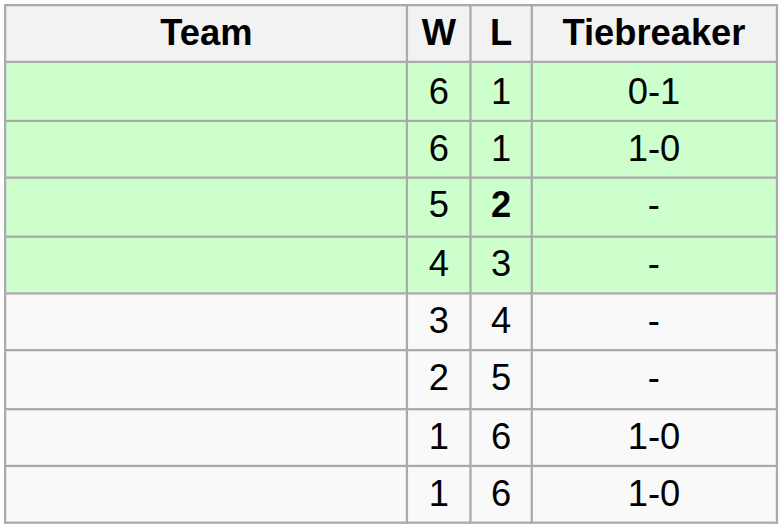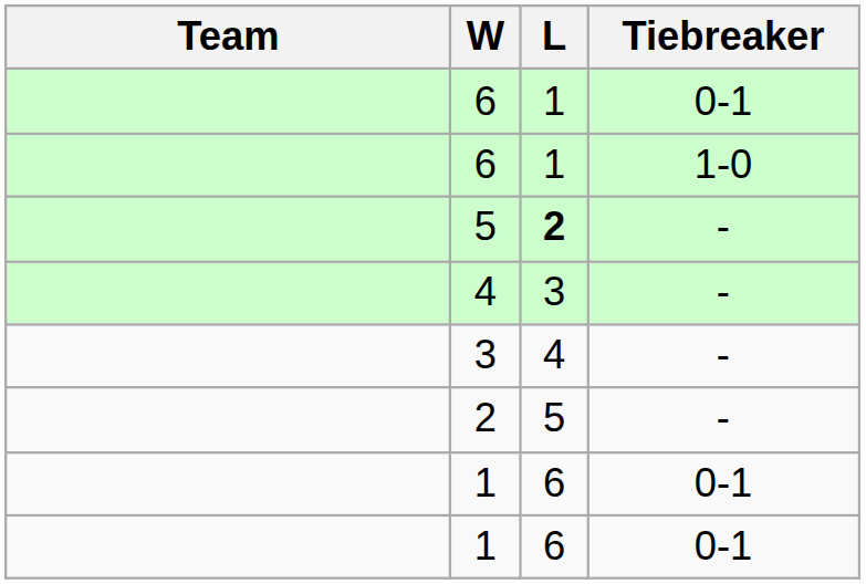 <table class=wikitable style=text-align:center>
 <tr>
 <th width=170>Team</th>
 <th width=20>W</th>
 <th width=20>L</th>
 <th width=100>Tiebreaker</th>
 </tr>
 <tr style="background:#cfc;">
 <td align=left></td>
 <td>6</td>
 <td>1</td>
 <td>0-1</td>
 </tr>
 <tr style="background:#cfc;">
 <td align=left></td>
 <td>6</td>
 <td>1</td>
 <td>1-0</td>
 </tr>
 <tr style="background:#cfc;">
 <td align=left></td>
 <td>5</td>
 <td><strong>2</strong></td>
 <td>-</td>
 </tr>
 <tr style="background:#cfc;">
 <td align=left></td>
 <td>4</td>
 <td>3</td>
 <td>-</td>
 </tr>
 <tr>
 <td align=left></td>
 <td>3</td>
 <td>4</td>
 <td>-</td>
 </tr>
 <tr>
 <td align=left></td>
 <td>2</td>
 <td>5</td>
 <td>-</td>
 </tr>
 <tr>
 <td align=left></td>
 <td>1</td>
 <td>6</td>
-<td>1-0</td>
+<td>0-1</td>
 </tr>
 <tr>
 <td align=left></td>
 <td>1</td>
 <td>6</td>
-<td>1-0</td>
+<td>0-1</td>
 </tr>
 </table>
